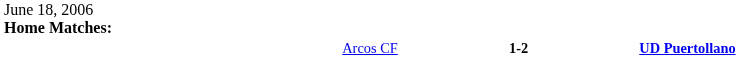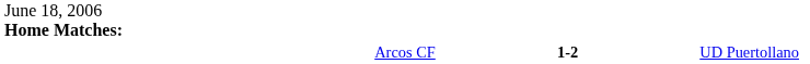 <table width=100% cellspacing=1>
 <tr>
 <th width=20%></th>
 <th width=12%></th>
 <th width=20%></th>
 <th></th>
 </tr>
 <tr>
 <td>June 18, 2006<br><strong>Home Matches:</strong></td>
 </tr>
 <tr style=font-size:90%>
 <td align=right><a href='#'>Arcos CF</a></td>
 <td align=center><strong>1-2</strong></td>
-<td><strong><a href='#'>UD Puertollano</a></strong></td>
+<td><a href='#'>UD Puertollano</a></td>
 </tr>
 </table>
